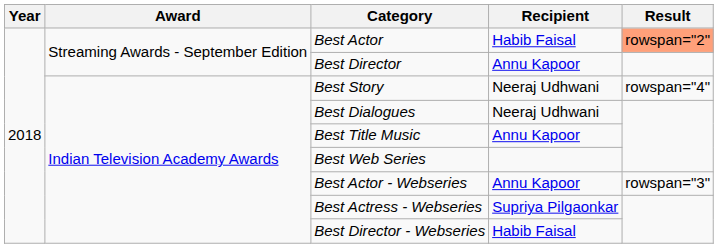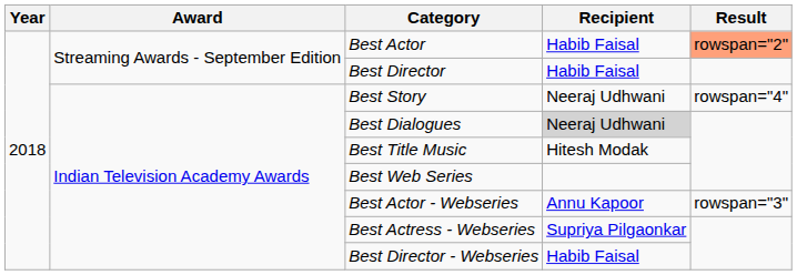 <table class="wikitable">
 <tr>
 <th>Year</th>
 <th>Award</th>
 <th>Category</th>
 <th>Recipient</th>
 <th>Result</th>
 </tr>
 <tr>
 <td rowspan="9">2018</td>
 <td rowspan="2">Streaming Awards - September Edition</td>
 <td><em>Best Actor</em></td>
 <td><a href='#'>Habib Faisal</a></td>
 <td style="background: lightsalmon;">rowspan="2" </td>
 </tr>
 <tr>
 <td><em>Best Director</em></td>
-<td><a href='#'>Annu Kapoor</a></td>
+<td><a href='#'>Habib Faisal</a></td>
 </tr>
 <tr>
 <td rowspan="7"><a href='#'>Indian Television Academy Awards</a></td>
 <td><em>Best Story</em></td>
 <td>Neeraj Udhwani</td>
 <td>rowspan="4" </td>
 </tr>
 <tr>
 <td><em>Best Dialogues</em></td>
-<td>Neeraj Udhwani</td>
+<td style="background: lightgrey;">Neeraj Udhwani</td>
 </tr>
 <tr>
 <td><em>Best Title Music</em></td>
-<td><a href='#'>Annu Kapoor</a></td>
+<td>Hitesh Modak</td>
 </tr>
 <tr>
 <td><em>Best Web Series</em></td>
 <td></td>
 </tr>
 <tr>
 <td><em>Best Actor - Webseries</em></td>
 <td><a href='#'>Annu Kapoor</a></td>
 <td>rowspan="3" </td>
 </tr>
 <tr>
 <td><em>Best Actress - Webseries</em></td>
 <td><a href='#'>Supriya Pilgaonkar</a></td>
 </tr>
 <tr>
 <td><em>Best Director - Webseries</em></td>
 <td><a href='#'>Habib Faisal</a></td>
 </tr>
 </table>
